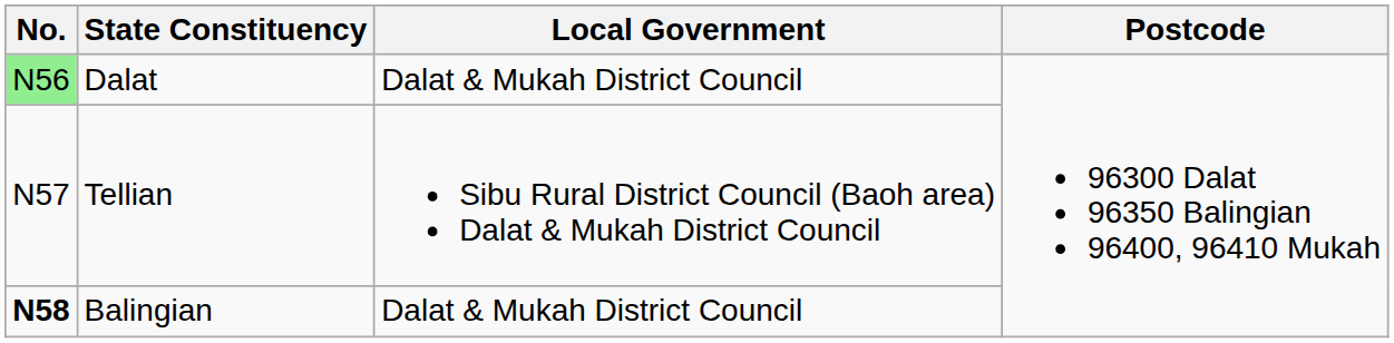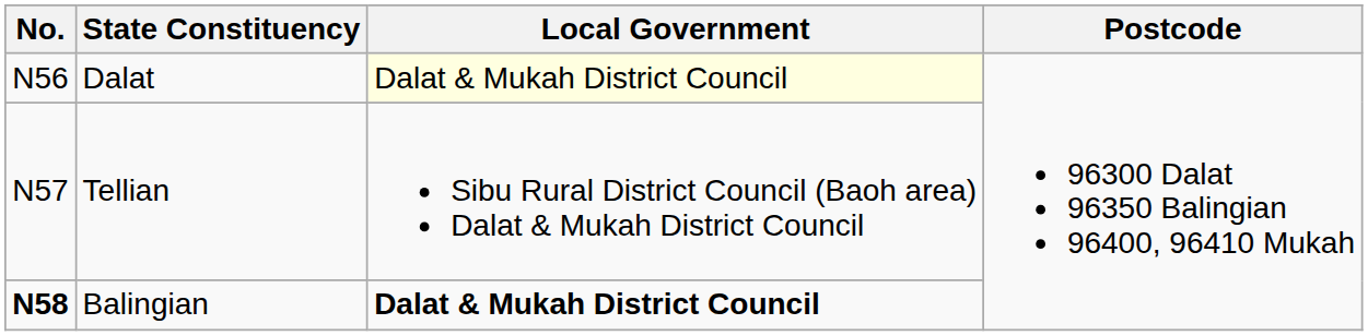 <table class="wikitable">
 <tr>
 <th>No.</th>
 <th>State Constituency</th>
 <th>Local Government</th>
 <th>Postcode</th>
 </tr>
 <tr>
-<td style="background: lightgreen;">N56</td>
+<td>N56</td>
 <td>Dalat</td>
-<td>Dalat & Mukah District Council</td>
+<td style="background: lightyellow;">Dalat & Mukah District Council</td>
 <td rowspan="3"><br><ul><li>96300 Dalat</li><li>96350 Balingian</li><li>96400, 96410 Mukah</li></ul></td>
 </tr>
 <tr>
 <td>N57</td>
 <td>Tellian</td>
 <td><br><ul><li>Sibu Rural District Council (Baoh area)</li><li>Dalat & Mukah District Council</li></ul></td>
 </tr>
 <tr>
 <td><strong>N58</strong></td>
 <td>Balingian</td>
-<td>Dalat & Mukah District Council</td>
+<td><strong>Dalat & Mukah District Council</strong></td>
 </tr>
 </table>
